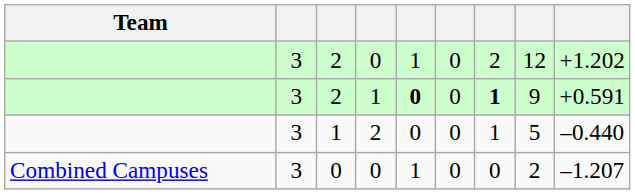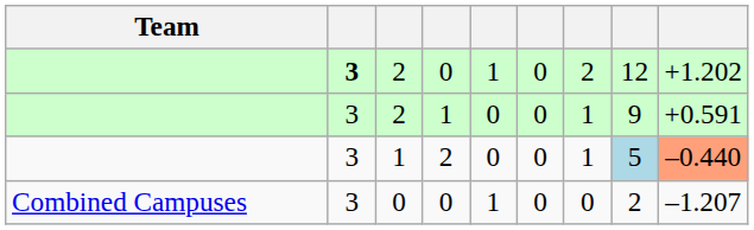 <table class="wikitable" style="text-align:center">
 <tr>
 <th width=180>Team</th>
 <th width=20></th>
 <th width=20></th>
 <th width=20></th>
 <th width=20></th>
 <th width=20></th>
 <th width=20></th>
 <th width=20></th>
 <th width=45></th>
 </tr>
 <tr style="background:#cfc">
 <td align="left"></td>
-<td>3</td>
+<td><strong>3</strong></td>
 <td>2</td>
 <td>0</td>
 <td>1</td>
 <td>0</td>
 <td>2</td>
 <td>12</td>
 <td>+1.202</td>
 </tr>
 <tr style="background:#cfc">
 <td align="left"></td>
 <td>3</td>
 <td>2</td>
 <td>1</td>
-<td><strong>0</strong></td>
 <td>0</td>
-<td><strong>1</strong></td>
+<td>0</td>
+<td>1</td>
 <td>9</td>
 <td>+0.591</td>
 </tr>
 <tr>
 <td align="left"></td>
 <td>3</td>
 <td>1</td>
 <td>2</td>
 <td>0</td>
 <td>0</td>
 <td>1</td>
-<td>5</td>
-<td>–0.440</td>
+<td style="background: lightblue;">5</td>
+<td style="background: lightsalmon;">–0.440</td>
 </tr>
 <tr>
 <td align="left"> <a href='#'>Combined Campuses</a></td>
 <td>3</td>
 <td>0</td>
 <td>0</td>
 <td>1</td>
 <td>0</td>
 <td>0</td>
 <td>2</td>
 <td>–1.207</td>
 </tr>
 </table>
